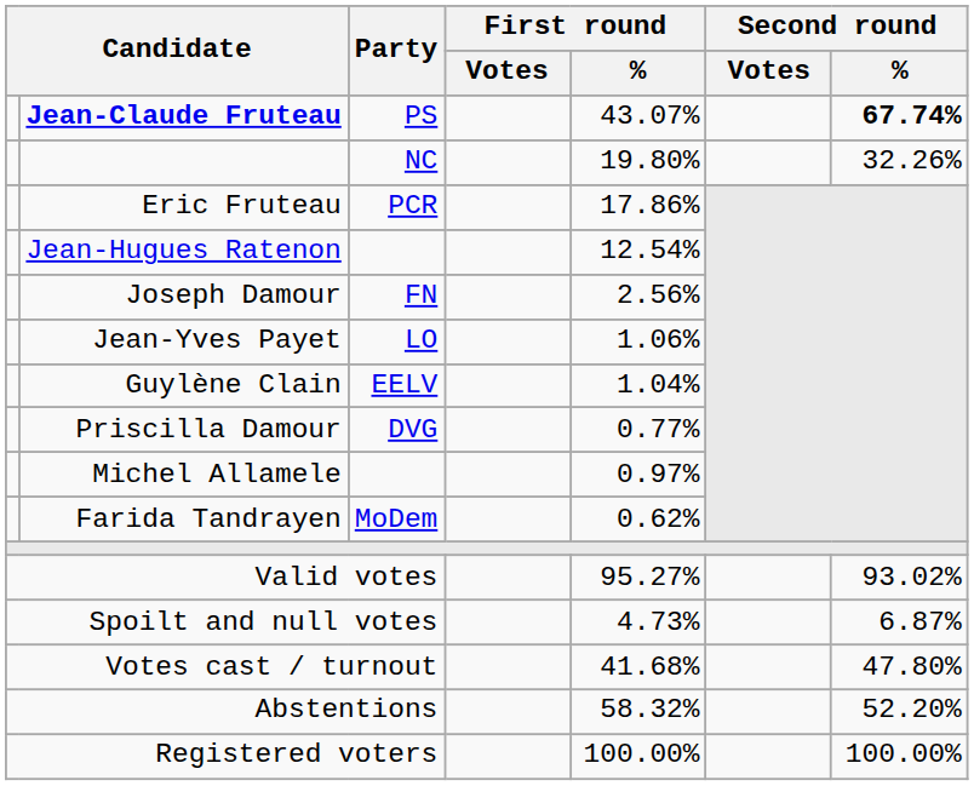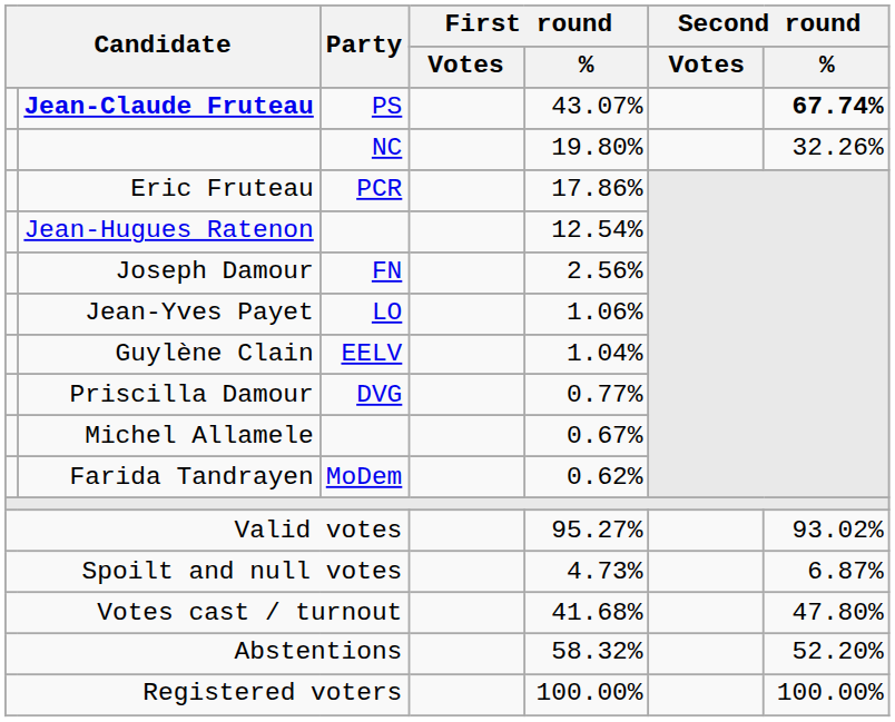 <table class="wikitable" style="text-align:right;font-size:95%;">
 <tr>
 <th rowspan=2 colspan=2>Candidate</th>
 <th rowspan=2 colspan=1>Party</th>
 <th colspan=2>First round</th>
 <th colspan=2>Second round</th>
 </tr>
 <tr>
 <th style="width:50px;">Votes</th>
 <th style="width:55px;">%</th>
 <th style="width:50px;">Votes</th>
 <th style="width:55px;">%</th>
 </tr>
 <tr>
 <td style="color:inherit;background-color:"></td>
 <td><strong><a href='#'>Jean-Claude Fruteau</a></strong></td>
 <td><a href='#'>PS</a></td>
 <td></td>
 <td>43.07%</td>
 <td><strong></strong></td>
 <td><strong>67.74%</strong></td>
 </tr>
 <tr>
 <td style="color:inherit;background-color:"></td>
 <td></td>
 <td><a href='#'>NC</a></td>
 <td></td>
 <td>19.80%</td>
 <td></td>
 <td>32.26%</td>
 </tr>
 <tr>
 <td style="color:inherit;background-color:"></td>
 <td>Eric Fruteau</td>
 <td><a href='#'>PCR</a></td>
 <td></td>
 <td>17.86%</td>
 <td colspan=7 rowspan=8 style="background-color:#E9E9E9;"></td>
 </tr>
 <tr>
 <td style="background-color:;"></td>
 <td><a href='#'>Jean-Hugues Ratenon</a></td>
 <td></td>
 <td></td>
 <td>12.54%</td>
 </tr>
 <tr>
 <td style="color:inherit;background-color:"></td>
 <td>Joseph Damour</td>
 <td><a href='#'>FN</a></td>
 <td></td>
 <td>2.56%</td>
 </tr>
 <tr>
 <td style="color:inherit;background-color:"></td>
 <td>Jean-Yves Payet</td>
 <td><a href='#'>LO</a></td>
 <td></td>
 <td>1.06%</td>
 </tr>
 <tr>
 <td style="color:inherit;background-color:"></td>
 <td>Guylène Clain</td>
 <td><a href='#'>EELV</a></td>
 <td></td>
 <td>1.04%</td>
 </tr>
 <tr>
 <td style="background-color:;"></td>
 <td>Priscilla Damour</td>
 <td><a href='#'>DVG</a> </td>
 <td></td>
 <td>0.77%</td>
 </tr>
 <tr>
 <td style="background-color:;"></td>
 <td>Michel Allamele</td>
 <td></td>
 <td></td>
-<td>0.97%</td>
+<td>0.67%</td>
 </tr>
 <tr>
 <td style="color:inherit;background-color:"></td>
 <td>Farida Tandrayen</td>
 <td><a href='#'>MoDem</a></td>
 <td></td>
 <td>0.62%</td>
 </tr>
 <tr>
 <td colspan=7 style="background-color:#E9E9E9;"></td>
 </tr>
 <tr>
 <td colspan=3>Valid votes</td>
 <td></td>
 <td>95.27%</td>
 <td></td>
 <td>93.02%</td>
 </tr>
 <tr>
 <td colspan=3>Spoilt and null votes</td>
 <td></td>
 <td>4.73%</td>
 <td></td>
 <td>6.87%</td>
 </tr>
 <tr>
 <td colspan=3>Votes cast / turnout</td>
 <td></td>
 <td>41.68%</td>
 <td></td>
 <td>47.80%</td>
 </tr>
 <tr>
 <td colspan=3>Abstentions</td>
 <td></td>
 <td>58.32%</td>
 <td></td>
 <td>52.20%</td>
 </tr>
 <tr>
 <td colspan=3>Registered voters</td>
 <td></td>
 <td>100.00%</td>
 <td></td>
 <td>100.00%</td>
 </tr>
 </table>
